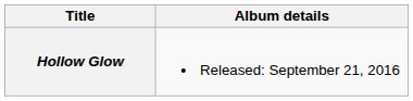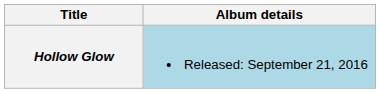 <table class="wikitable plainrowheaders" style="text-align:center;">
 <tr>
 <th rowspan="1" scope="col" style="width:10em;">Title</th>
 <th rowspan="1" scope="col" style="width:17em;">Album details</th>
 </tr>
 <tr>
 <th scope="row"><em>Hollow Glow</em></th>
-<td><br><ul><li>Released: September 21, 2016</li></ul></td>
+<td style="background: lightblue;"><br><ul><li>Released: September 21, 2016</li></ul></td>
 </tr>
 </table>
